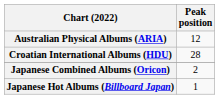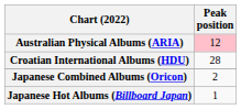 <table class="wikitable sortable plainrowheaders" style="text-align:center">
 <tr>
 <th scope="col">Chart (2022)</th>
 <th scope="col">Peak<br>position</th>
 </tr>
 <tr>
 <th scope="row">Australian Physical Albums (<a href='#'>ARIA</a>)</th>
-<td>12</td>
+<td style="background: pink;">12</td>
 </tr>
 <tr>
 <th scope="row">Croatian International Albums (<a href='#'>HDU</a>)</th>
 <td>28</td>
 </tr>
 <tr>
 </tr>
 <tr>
 <th scope="row">Japanese Combined Albums (<a href='#'>Oricon</a>)</th>
 <td>2</td>
 </tr>
 <tr>
 <th scope="row">Japanese Hot Albums (<em><a href='#'>Billboard Japan</a></em>)</th>
 <td>1</td>
 </tr>
 </table>
